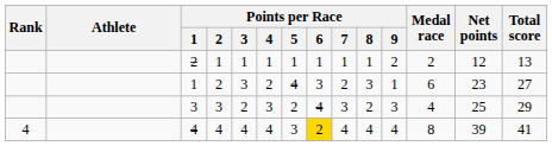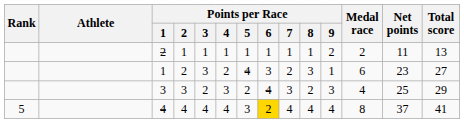 <table | class="wikitable Sortable" style="text-align:center">
 <tr>
 <th rowspan="2" width=40>Rank</th>
 <th rowspan="2" width=250>Athlete</th>
 <th colspan="9">Points per Race</th>
 <th rowspan="2" width=50>Medal race</th>
 <th rowspan="2" width=50>Net points</th>
 <th rowspan="2" width=50>Total score</th>
 </tr>
 <tr>
 <th width=35>1</th>
 <th width=35>2</th>
 <th width=35>3</th>
 <th width=35>4</th>
 <th width=35>5</th>
 <th width=35>6</th>
 <th width=35>7</th>
 <th width=35>8</th>
 <th width=35>9</th>
 </tr>
 <tr>
 <td></td>
 <td align=left></td>
 <td><s>2</s></td>
 <td>1</td>
 <td>1</td>
 <td>1</td>
 <td>1</td>
 <td>1</td>
 <td>1</td>
 <td>1</td>
 <td>2</td>
 <td>2</td>
-<td>12</td>
+<td>11</td>
 <td>13</td>
 </tr>
 <tr>
 <td></td>
 <td align=left></td>
 <td>1</td>
 <td>2</td>
 <td>3</td>
 <td>2</td>
 <td><s>4</s></td>
 <td>3</td>
 <td>2</td>
 <td>3</td>
 <td>1</td>
 <td>6</td>
 <td>23</td>
 <td>27</td>
 </tr>
 <tr>
 <td></td>
 <td align=left></td>
 <td>3</td>
 <td>3</td>
 <td>2</td>
 <td>3</td>
 <td>2</td>
 <td><s>4</s></td>
 <td>3</td>
 <td>2</td>
 <td>3</td>
 <td>4</td>
 <td>25</td>
 <td>29</td>
 </tr>
 <tr>
-<td>4</td>
+<td>5</td>
 <td align=left></td>
 <td><s>4</s></td>
 <td>4</td>
 <td>4</td>
 <td>4</td>
 <td>3</td>
 <td style="background: gold;">2</td>
 <td>4</td>
 <td>4</td>
 <td>4</td>
 <td>8</td>
-<td>39</td>
+<td>37</td>
 <td>41</td>
 </tr>
 </table>
